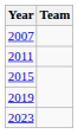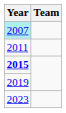 <table class="wikitable">
 <tr>
 <th>Year</th>
 <th>Team</th>
 </tr>
 <tr>
-<td><a href='#'>2007</a></td>
+<td style="background: paleturquoise;"><a href='#'>2007</a></td>
 <td></td>
 </tr>
 <tr>
 <td><a href='#'>2011</a></td>
 <td></td>
 </tr>
 <tr>
-<td><a href='#'>2015</a></td>
+<td><strong><a href='#'>2015</a></strong></td>
 <td rowspan="2"></td>
 </tr>
 <tr>
 <td><a href='#'>2019</a></td>
 </tr>
 <tr>
 <td><a href='#'>2023</a></td>
 <td></td>
 </tr>
 </table>
